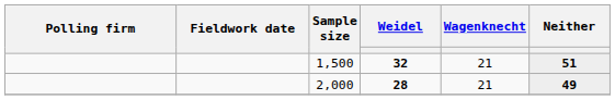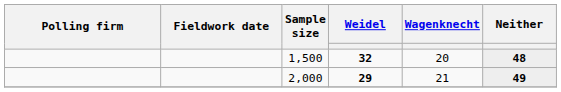 <table class="wikitable sortable mw-datatable" style="text-align:center;font-size:90%;line-height:14px;">
 <tr style="height:40px;">
 <th style="width:155px;" rowspan="2">Polling firm</th>
 <th style="width:120px;" rowspan="2">Fieldwork date</th>
 <th style="width: 35px;" rowspan="2">Sample<br>size</th>
 <th class="unsortable" style="width:70px;"><a href='#'>Weidel</a><br></th>
 <th class="unsortable" style="width:70px;"><a href='#'>Wagenknecht</a><br></th>
 <th class="unsortable" style="width:70px;">Neither</th>
 </tr>
 <tr>
 <th style="background:"></th>
 <th style="background:"></th>
 <th style="background:"></th>
 </tr>
 <tr>
 <td></td>
 <td></td>
 <td>1,500</td>
 <td><strong>32</strong></td>
-<td>21</td>
-<td style="background:#EEEEEE;"><strong>51</strong></td>
+<td>20</td>
+<td style="background:#EEEEEE;"><strong>48</strong></td>
 </tr>
 <tr>
 <td></td>
 <td></td>
 <td>2,000</td>
-<td><strong>28</strong></td>
+<td><strong>29</strong></td>
 <td>21</td>
 <td style="background:#EEEEEE;"><strong>49</strong></td>
 </tr>
 <tr>
 </tr>
 </table>
